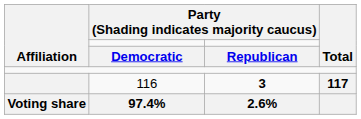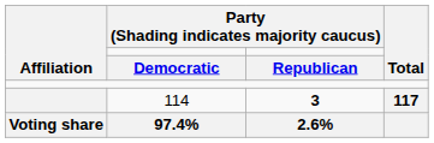 <table class=wikitable style="text-align:center">
 <tr style="vertical-align:bottom;">
 <th rowspan=3>Affiliation</th>
 <th colspan=2>Party <div>(Shading indicates majority caucus)</div></th>
 <th rowspan=3>Total</th>
 </tr>
 <tr style="height:5px">
 <td style="background-color:"></td>
 <td style="background-color:"></td>
 </tr>
 <tr>
 <th><a href='#'>Democratic</a></th>
 <th><a href='#'>Republican</a></th>
 </tr>
 <tr>
 <td colspan=5></td>
 </tr>
 <tr>
 <th nowrap style="font-size:80%"></th>
-<td>116</td>
+<td>114</td>
 <td><strong>3</strong></td>
 <th>117</th>
 </tr>
 <tr>
 <th>Voting share</th>
 <th>97.4%</th>
 <th>2.6%</th>
 <th colspan=2></th>
 </tr>
 </table>
